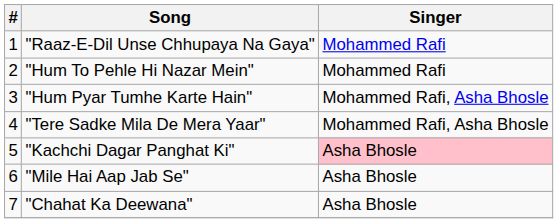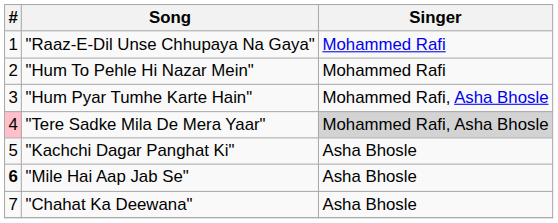 <table class="wikitable">
 <tr>
 <th>#</th>
 <th>Song</th>
 <th>Singer</th>
 </tr>
 <tr>
 <td>1</td>
 <td>"Raaz-E-Dil Unse Chhupaya Na Gaya"</td>
 <td><a href='#'>Mohammed Rafi</a></td>
 </tr>
 <tr>
 <td>2</td>
 <td>"Hum To Pehle Hi Nazar Mein"</td>
 <td>Mohammed Rafi</td>
 </tr>
 <tr>
 <td>3</td>
 <td>"Hum Pyar Tumhe Karte Hain"</td>
 <td>Mohammed Rafi, <a href='#'>Asha Bhosle</a></td>
 </tr>
 <tr>
-<td>4</td>
+<td style="background: pink;">4</td>
 <td>"Tere Sadke Mila De Mera Yaar"</td>
-<td>Mohammed Rafi, Asha Bhosle</td>
+<td style="background: lightgrey;">Mohammed Rafi, Asha Bhosle</td>
 </tr>
 <tr>
 <td>5</td>
 <td>"Kachchi Dagar Panghat Ki"</td>
-<td style="background: pink;">Asha Bhosle</td>
+<td>Asha Bhosle</td>
 </tr>
 <tr>
-<td>6</td>
+<td><strong>6</strong></td>
 <td>"Mile Hai Aap Jab Se"</td>
 <td>Asha Bhosle</td>
 </tr>
 <tr>
 <td>7</td>
 <td>"Chahat Ka Deewana"</td>
 <td>Asha Bhosle</td>
 </tr>
 <tr>
 </tr>
 </table>
